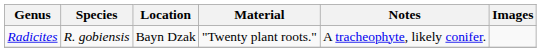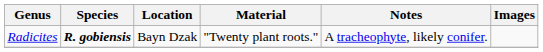 <table class="wikitable sortable">
 <tr>
 <th>Genus</th>
 <th>Species</th>
 <th>Location</th>
 <th>Material</th>
 <th>Notes</th>
 <th>Images</th>
 </tr>
 <tr>
 <td><em><a href='#'>Radicites</a></em></td>
-<td><em>R. gobiensis</em></td>
+<td><strong><em>R. gobiensis</em></strong></td>
 <td>Bayn Dzak</td>
 <td>"Twenty plant roots."</td>
 <td>A <a href='#'>tracheophyte</a>, likely <a href='#'>conifer</a>.</td>
 <td></td>
 </tr>
 <tr>
 </tr>
 </table>
